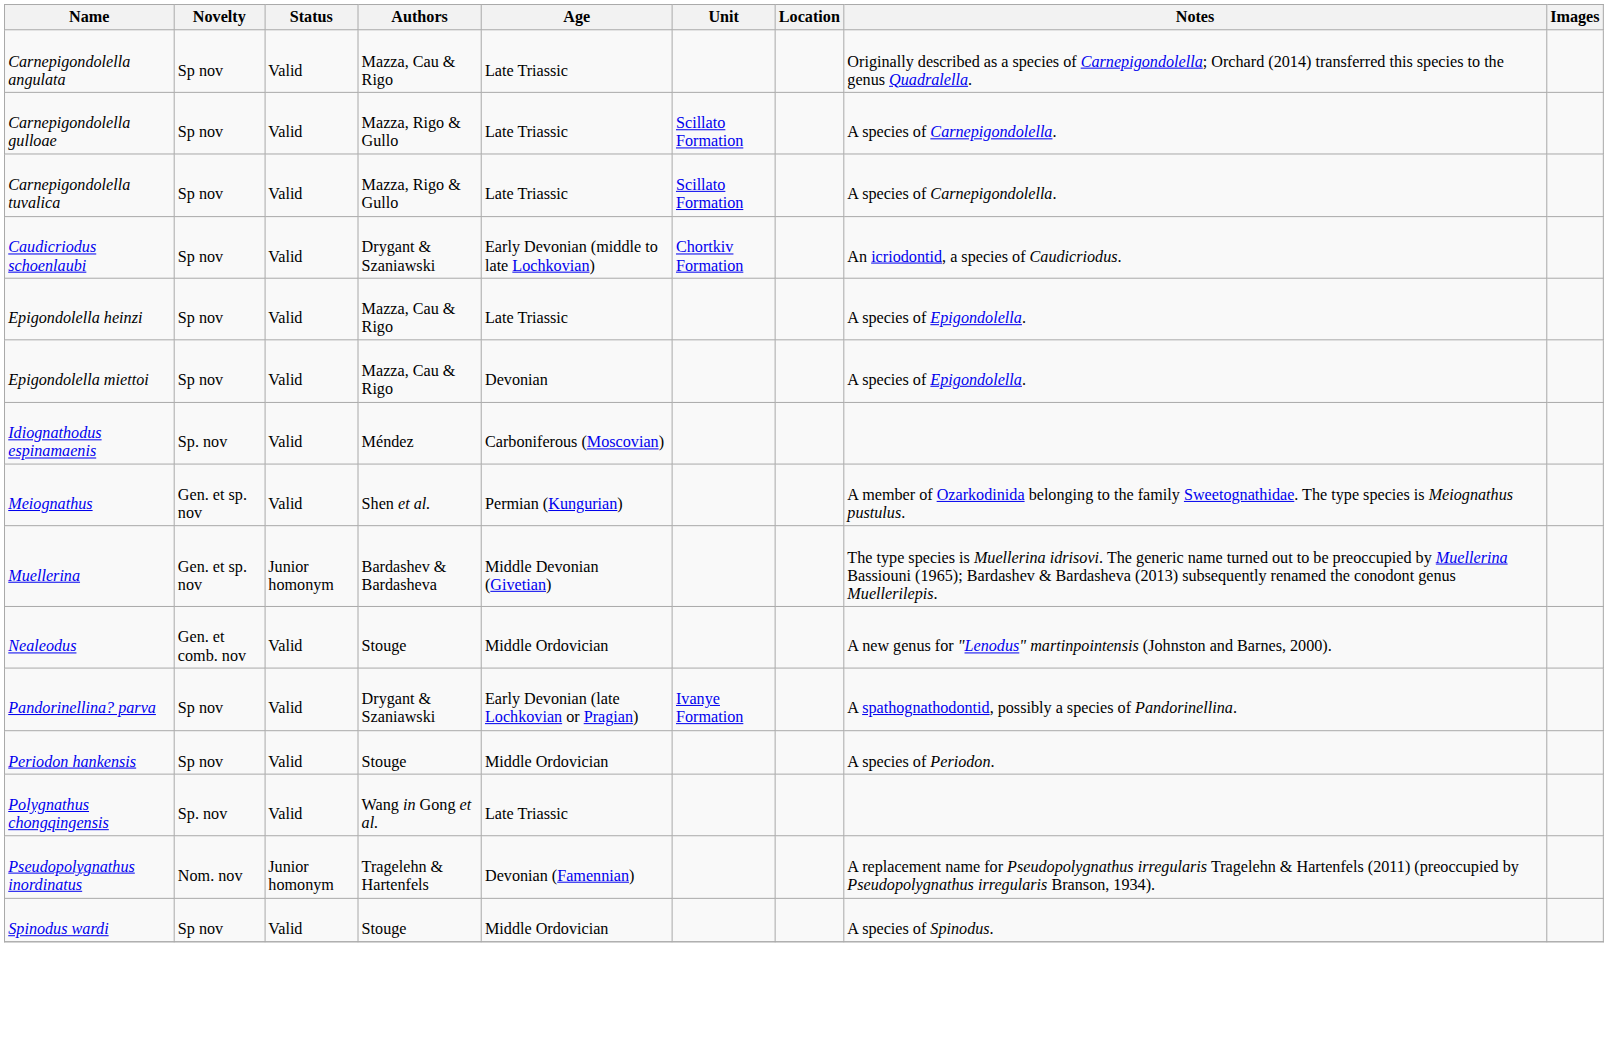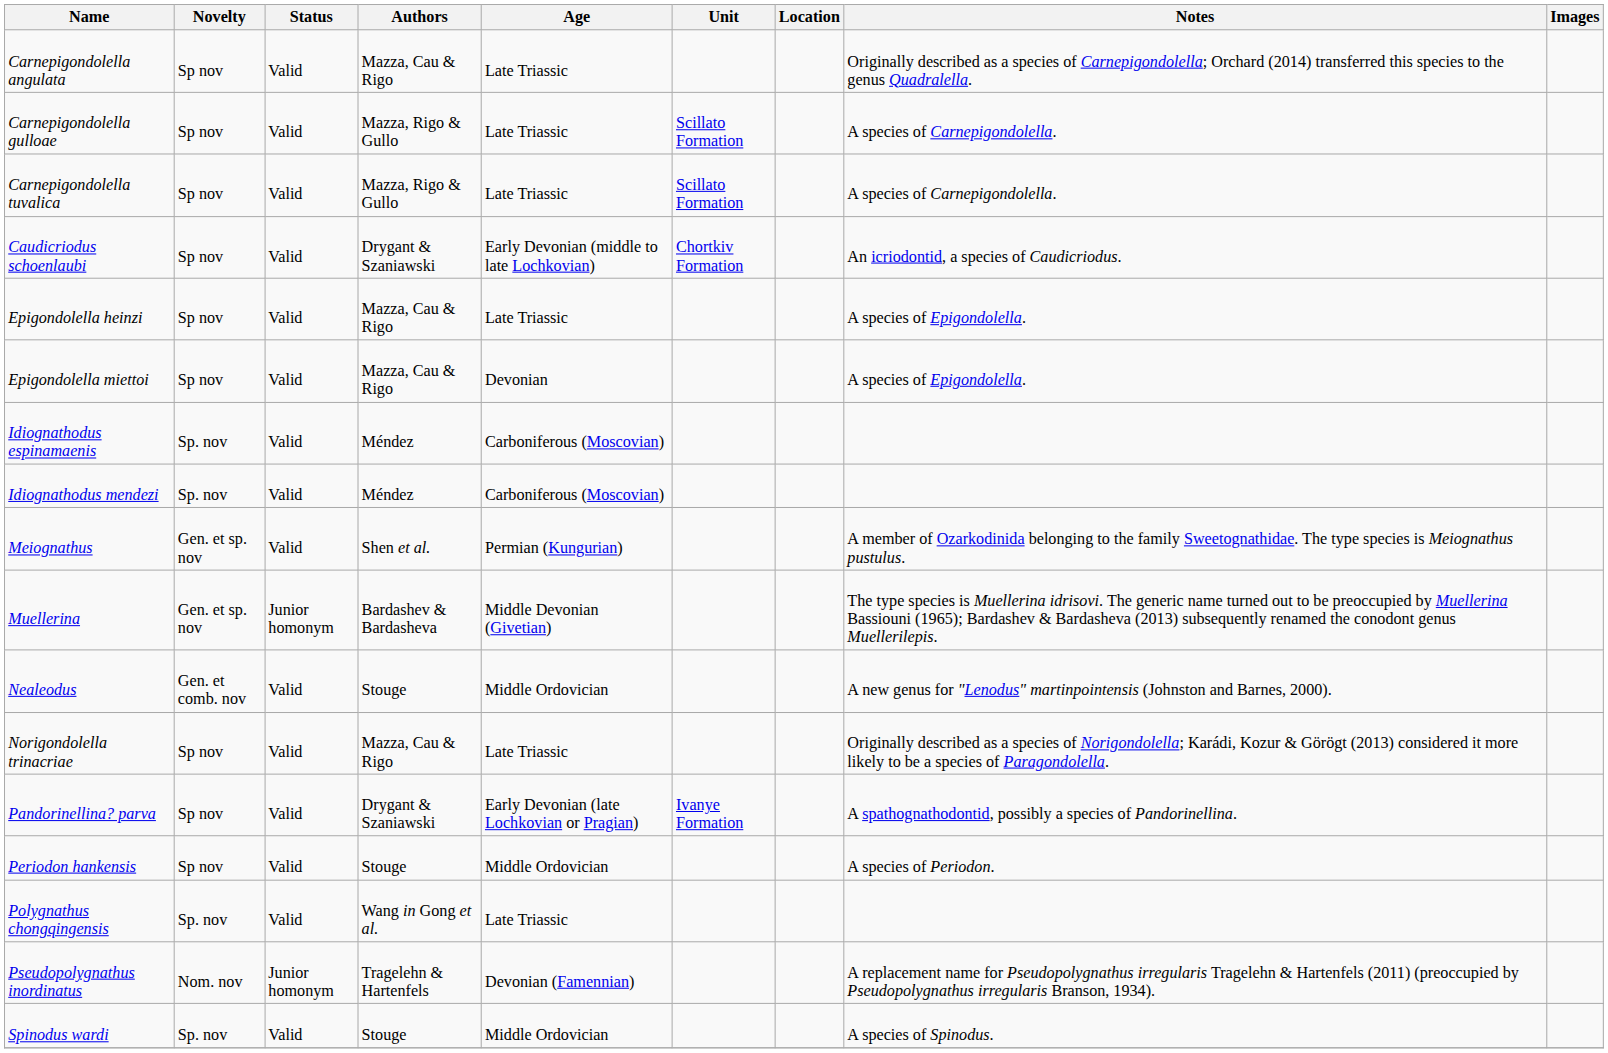 <table class="wikitable sortable" align="center" width="100%">
 <tr>
 <th>Name</th>
 <th>Novelty</th>
 <th>Status</th>
 <th>Authors</th>
 <th>Age</th>
 <th>Unit</th>
 <th>Location</th>
 <th>Notes</th>
 <th>Images</th>
 </tr>
 <tr>
 <td><br><em>Carnepigondolella angulata</em></td>
 <td><br>Sp nov</td>
 <td><br>Valid</td>
 <td><br>Mazza, Cau & Rigo</td>
 <td><br>Late Triassic</td>
 <td></td>
 <td><br> </td>
 <td><br>Originally described as a species of <em><a href='#'>Carnepigondolella</a></em>; Orchard (2014) transferred this species to the genus <em><a href='#'>Quadralella</a></em>.</td>
 <td></td>
 </tr>
 <tr>
 <td><br><em>Carnepigondolella gulloae</em></td>
 <td><br>Sp nov</td>
 <td><br>Valid</td>
 <td><br>Mazza, Rigo & Gullo</td>
 <td><br>Late Triassic</td>
 <td><br><a href='#'>Scillato Formation</a></td>
 <td><br></td>
 <td><br>A species of <em><a href='#'>Carnepigondolella</a></em>.</td>
 <td></td>
 </tr>
 <tr>
 <td><br><em>Carnepigondolella tuvalica</em></td>
 <td><br>Sp nov</td>
 <td><br>Valid</td>
 <td><br>Mazza, Rigo & Gullo</td>
 <td><br>Late Triassic</td>
 <td><br><a href='#'>Scillato Formation</a></td>
 <td><br></td>
 <td><br>A species of <em>Carnepigondolella</em>.</td>
 <td></td>
 </tr>
 <tr>
 <td><br><em><a href='#'>Caudicriodus schoenlaubi</a></em></td>
 <td><br>Sp nov</td>
 <td><br>Valid</td>
 <td><br>Drygant & Szaniawski</td>
 <td><br>Early Devonian (middle to late <a href='#'>Lochkovian</a>)</td>
 <td><br><a href='#'>Chortkiv Formation</a></td>
 <td><br></td>
 <td><br>An <a href='#'>icriodontid</a>, a species of <em>Caudicriodus</em>.</td>
 <td></td>
 </tr>
 <tr>
 <td><br><em>Epigondolella heinzi</em></td>
 <td><br>Sp nov</td>
 <td><br>Valid</td>
 <td><br>Mazza, Cau & Rigo</td>
 <td><br>Late Triassic</td>
 <td></td>
 <td><br></td>
 <td><br>A species of <em><a href='#'>Epigondolella</a></em>.</td>
 <td></td>
 </tr>
 <tr>
 <td><br><em>Epigondolella miettoi</em></td>
 <td><br>Sp nov</td>
 <td><br>Valid</td>
 <td><br>Mazza, Cau & Rigo</td>
 <td><br>Devonian</td>
 <td></td>
 <td><br></td>
 <td><br>A species of <em><a href='#'>Epigondolella</a></em>.</td>
 <td></td>
 </tr>
 <tr>
 <td><br><em><a href='#'>Idiognathodus espinamaenis</a></em></td>
 <td><br>Sp. nov</td>
 <td><br>Valid</td>
 <td><br>Méndez</td>
 <td><br>Carboniferous (<a href='#'>Moscovian</a>)</td>
 <td></td>
 <td><br></td>
 <td></td>
 <td></td>
 </tr>
 <tr>
+<td><br><em><a href='#'>Idiognathodus mendezi</a></em></td>
+<td><br>Sp. nov</td>
+<td><br>Valid</td>
+<td><br>Méndez</td>
+<td><br>Carboniferous (<a href='#'>Moscovian</a>)</td>
+<td></td>
+<td><br></td>
+<td></td>
+<td></td>
+</tr>
+<tr>
 <td><br><em><a href='#'>Meiognathus</a></em></td>
 <td><br>Gen. et sp. nov</td>
 <td><br>Valid</td>
 <td><br>Shen <em>et al.</em></td>
 <td><br>Permian (<a href='#'>Kungurian</a>)</td>
 <td></td>
 <td><br></td>
 <td><br>A member of <a href='#'>Ozarkodinida</a> belonging to the family <a href='#'>Sweetognathidae</a>. The type species is <em>Meiognathus pustulus</em>.</td>
 <td></td>
 </tr>
 <tr>
 <td><br><em><a href='#'>Muellerina</a></em></td>
 <td><br>Gen. et sp. nov</td>
 <td><br>Junior homonym</td>
 <td><br>Bardashev & Bardasheva</td>
 <td><br>Middle Devonian (<a href='#'>Givetian</a>)</td>
 <td></td>
 <td><br></td>
 <td><br>The type species is <em>Muellerina idrisovi</em>. The generic name turned out to be preoccupied by <em><a href='#'>Muellerina</a></em> Bassiouni (1965); Bardashev & Bardasheva (2013) subsequently renamed the conodont genus <em>Muellerilepis</em>.</td>
 <td></td>
 </tr>
 <tr>
 <td><br><em><a href='#'>Nealeodus</a></em></td>
 <td><br>Gen. et comb. nov</td>
 <td><br>Valid</td>
 <td><br>Stouge</td>
 <td><br>Middle Ordovician</td>
 <td></td>
 <td><br></td>
 <td><br>A new genus for <em>"<a href='#'>Lenodus</a>" martinpointensis</em> (Johnston and Barnes, 2000).</td>
+<td></td>
+</tr>
+<tr>
+<td><br><em>Norigondolella trinacriae</em></td>
+<td><br>Sp nov</td>
+<td><br>Valid</td>
+<td><br>Mazza, Cau & Rigo</td>
+<td><br>Late Triassic</td>
+<td></td>
+<td><br></td>
+<td><br>Originally described as a species of <em><a href='#'>Norigondolella</a></em>; Karádi, Kozur & Görögt (2013) considered it more likely to be a species of <em><a href='#'>Paragondolella</a></em>.</td>
 <td></td>
 </tr>
 <tr>
 <td><br><em><a href='#'>Pandorinellina? parva</a></em></td>
 <td><br>Sp nov</td>
 <td><br>Valid</td>
 <td><br>Drygant & Szaniawski</td>
 <td><br>Early Devonian (late <a href='#'>Lochkovian</a> or <a href='#'>Pragian</a>)</td>
 <td><br><a href='#'>Ivanye Formation</a></td>
 <td><br></td>
 <td><br>A <a href='#'>spathognathodontid</a>, possibly a species of <em>Pandorinellina</em>.</td>
 <td></td>
 </tr>
 <tr>
 <td><br><em><a href='#'>Periodon hankensis</a></em></td>
 <td><br>Sp nov</td>
 <td><br>Valid</td>
 <td><br>Stouge</td>
 <td><br>Middle Ordovician</td>
 <td></td>
 <td><br></td>
 <td><br>A species of <em>Periodon</em>.</td>
 <td></td>
 </tr>
 <tr>
 <td><br><em><a href='#'>Polygnathus chongqingensis</a></em></td>
 <td><br>Sp. nov</td>
 <td><br>Valid</td>
 <td><br>Wang <em>in</em> Gong <em>et al.</em></td>
 <td><br>Late Triassic</td>
 <td></td>
 <td><br></td>
 <td></td>
 <td></td>
 </tr>
 <tr>
 <td><br><em><a href='#'>Pseudopolygnathus inordinatus</a></em></td>
 <td><br>Nom. nov</td>
 <td><br>Junior homonym</td>
 <td><br>Tragelehn & Hartenfels</td>
 <td><br>Devonian (<a href='#'>Famennian</a>)</td>
 <td></td>
 <td><br></td>
 <td><br>A replacement name for <em>Pseudopolygnathus irregularis</em> Tragelehn & Hartenfels (2011) (preoccupied by <em>Pseudopolygnathus irregularis</em> Branson, 1934).</td>
 <td></td>
 </tr>
 <tr>
 <td><br><em><a href='#'>Spinodus wardi</a></em></td>
-<td><br>Sp nov</td>
+<td><br>Sp. nov</td>
 <td><br>Valid</td>
 <td><br>Stouge</td>
 <td><br>Middle Ordovician</td>
 <td></td>
 <td><br></td>
 <td><br>A species of <em>Spinodus</em>.</td>
 <td></td>
 </tr>
 <tr>
 </tr>
 </table>
